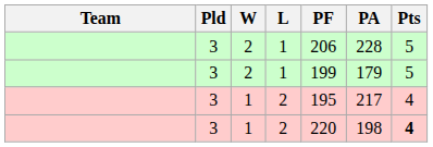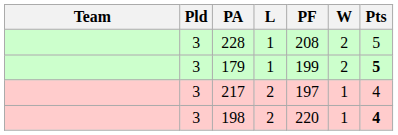 <table class="wikitable" style="text-align:center;">
 <tr>
 <th width=170>Team</th>
 <th width=25>Pld</th>
-<th width=25>W</th>
+<th width=35>PA</th>
 <th width=25>L</th>
 <th width=35>PF</th>
-<th width=35>PA</th>
+<th width=25>W</th>
 <th width=25>Pts</th>
 </tr>
 <tr bgcolor=#ccffcc>
 <td align="left"></td>
 <td>3</td>
+<td>228</td>
+<td>1</td>
+<td>208</td>
 <td>2</td>
-<td>1</td>
-<td>206</td>
-<td>228</td>
 <td>5</td>
 </tr>
 <tr bgcolor=#ccffcc>
 <td align="left"></td>
 <td>3</td>
-<td>2</td>
+<td>179</td>
 <td>1</td>
 <td>199</td>
-<td>179</td>
-<td>5</td>
+<td>2</td>
+<td><strong>5</strong></td>
 </tr>
 <tr bgcolor=#ffcccc>
 <td align="left"></td>
 <td>3</td>
+<td>217</td>
+<td>2</td>
+<td>197</td>
 <td>1</td>
-<td>2</td>
-<td>195</td>
-<td>217</td>
 <td>4</td>
 </tr>
 <tr bgcolor=#ffcccc>
 <td align="left"></td>
 <td>3</td>
-<td>1</td>
+<td>198</td>
 <td>2</td>
 <td>220</td>
-<td>198</td>
+<td>1</td>
 <td><strong>4</strong></td>
 </tr>
 </table>
